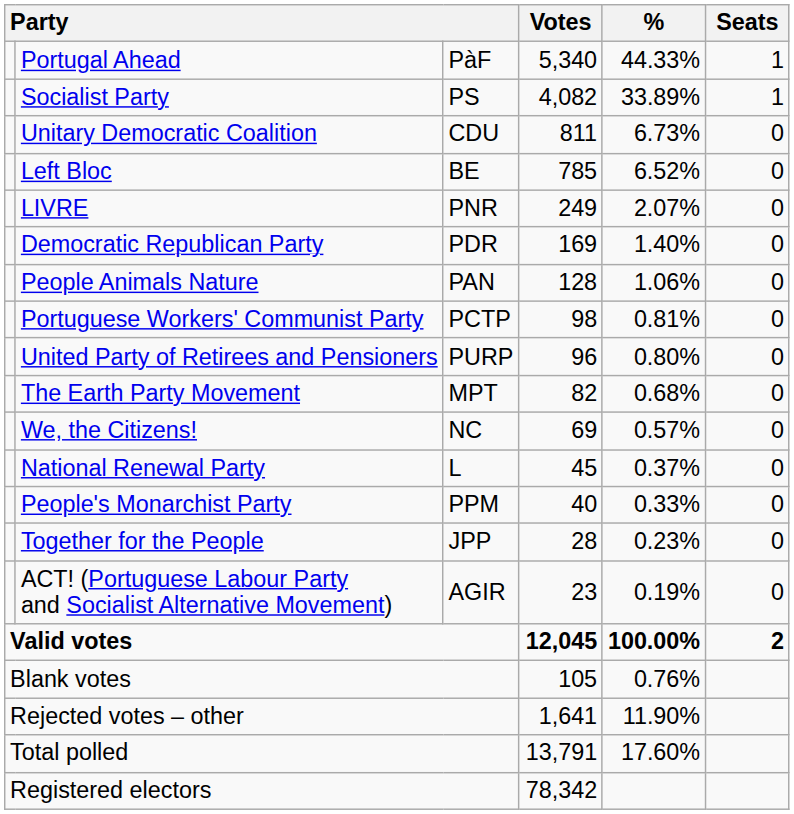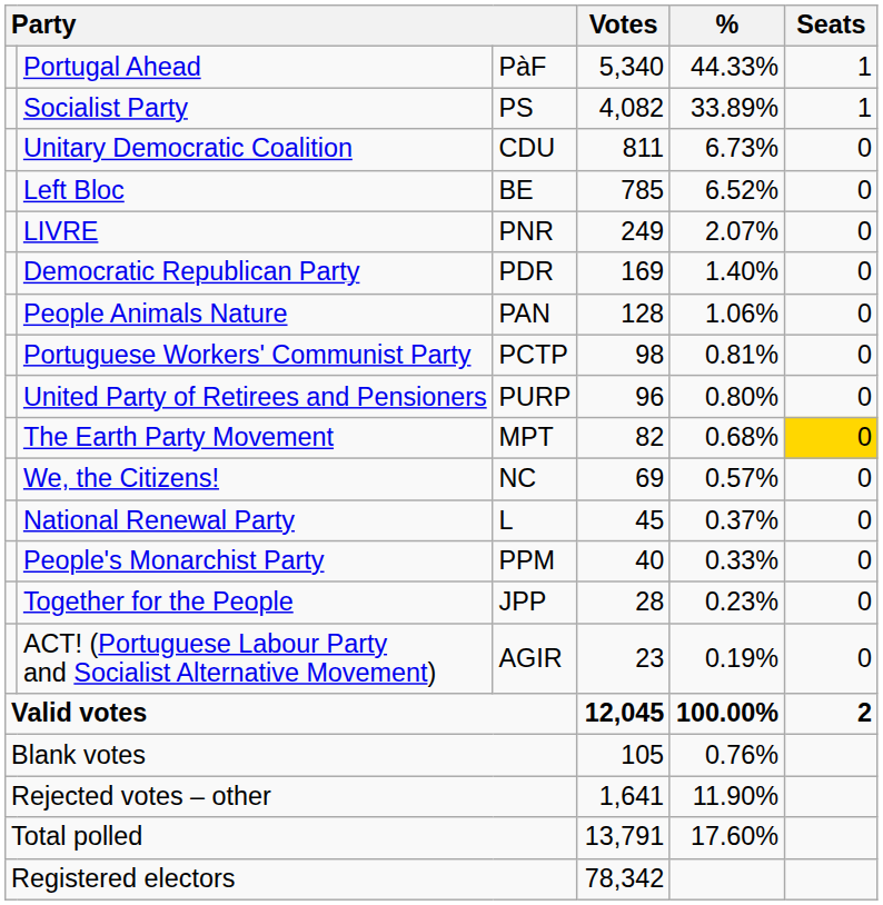 <table class="wikitable" border="1" style="text-align:right;">
 <tr>
 <th style="text-align:left;" colspan=3>Party</th>
 <th align=center width="50">Votes</th>
 <th align=center width="50">%</th>
 <th align=center width="50">Seats</th>
 </tr>
 <tr>
 <td></td>
 <td align=left><a href='#'>Portugal Ahead</a></td>
 <td align=left>PàF</td>
 <td>5,340</td>
 <td>44.33%</td>
 <td>1</td>
 </tr>
 <tr>
 <td></td>
 <td align=left><a href='#'>Socialist Party</a></td>
 <td align=left>PS</td>
 <td>4,082</td>
 <td>33.89%</td>
 <td>1</td>
 </tr>
 <tr>
 <td></td>
 <td align=left style="white-space: nowrap;"><a href='#'>Unitary Democratic Coalition</a></td>
 <td align=left>CDU</td>
 <td>811</td>
 <td>6.73%</td>
 <td>0</td>
 </tr>
 <tr>
 <td></td>
 <td align=left><a href='#'>Left Bloc</a></td>
 <td align=left>BE</td>
 <td>785</td>
 <td>6.52%</td>
 <td>0</td>
 </tr>
 <tr>
 <td></td>
 <td align=left><a href='#'>LIVRE</a></td>
 <td align=left>PNR</td>
 <td>249</td>
 <td>2.07%</td>
 <td>0</td>
 </tr>
 <tr>
 <td></td>
 <td align=left><a href='#'>Democratic Republican Party</a></td>
 <td align=left>PDR</td>
 <td>169</td>
 <td>1.40%</td>
 <td>0</td>
 </tr>
 <tr>
 <td></td>
 <td align=left><a href='#'>People Animals Nature</a></td>
 <td align=left>PAN</td>
 <td>128</td>
 <td>1.06%</td>
 <td>0</td>
 </tr>
 <tr>
 <td></td>
 <td align=left><a href='#'>Portuguese Workers' Communist Party</a></td>
 <td align=left>PCTP</td>
 <td>98</td>
 <td>0.81%</td>
 <td>0</td>
 </tr>
 <tr>
 <td></td>
 <td align=left><a href='#'>United Party of Retirees and Pensioners</a></td>
 <td align=left>PURP</td>
 <td>96</td>
 <td>0.80%</td>
 <td>0</td>
 </tr>
 <tr>
 <td></td>
 <td align=left><a href='#'>The Earth Party Movement</a></td>
 <td align=left>MPT</td>
 <td>82</td>
 <td>0.68%</td>
-<td>0</td>
+<td style="background: gold;">0</td>
 </tr>
 <tr>
 <td></td>
 <td align=left><a href='#'>We, the Citizens!</a></td>
 <td align=left>NC</td>
 <td>69</td>
 <td>0.57%</td>
 <td>0</td>
 </tr>
 <tr>
 <td></td>
 <td align=left><a href='#'>National Renewal Party</a></td>
 <td align=left>L</td>
 <td>45</td>
 <td>0.37%</td>
 <td>0</td>
 </tr>
 <tr>
 <td></td>
 <td align=left><a href='#'>People's Monarchist Party</a></td>
 <td align=left>PPM</td>
 <td>40</td>
 <td>0.33%</td>
 <td>0</td>
 </tr>
 <tr>
 <td></td>
 <td align=left><a href='#'>Together for the People</a></td>
 <td align=left>JPP</td>
 <td>28</td>
 <td>0.23%</td>
 <td>0</td>
 </tr>
 <tr>
 <td></td>
 <td align=left>ACT! (<a href='#'>Portuguese Labour Party</a><br>and <a href='#'>Socialist Alternative Movement</a>)</td>
 <td align=left>AGIR</td>
 <td>23</td>
 <td>0.19%</td>
 <td>0</td>
 </tr>
 <tr style="font-weight:bold">
 <td align=left colspan=3>Valid votes</td>
 <td>12,045</td>
 <td>100.00%</td>
 <td>2</td>
 </tr>
 <tr>
 <td align=left colspan=3>Blank votes</td>
 <td>105</td>
 <td>0.76%</td>
 <td></td>
 </tr>
 <tr>
 <td align=left colspan=3>Rejected votes – other</td>
 <td>1,641</td>
 <td>11.90%</td>
 <td></td>
 </tr>
 <tr>
 <td align=left colspan=3>Total polled</td>
 <td>13,791</td>
 <td>17.60%</td>
 <td></td>
 </tr>
 <tr>
 <td align=left colspan=3>Registered electors</td>
 <td>78,342</td>
 <td></td>
 <td></td>
 </tr>
 </table>
